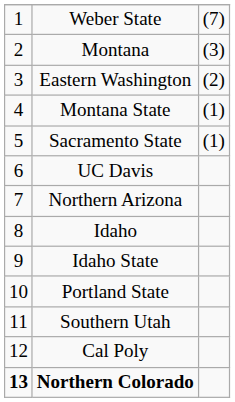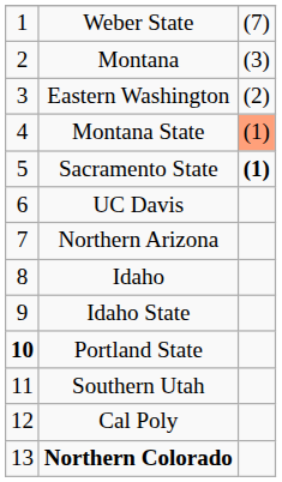 <table class="wikitable" style="display: inline-table;">
 <tr align="center">
 </tr>
 <tr align="center">
 <td>1</td>
 <td>Weber State</td>
 <td>(7)</td>
 </tr>
 <tr align="center">
 <td>2</td>
 <td>Montana</td>
 <td>(3)</td>
 </tr>
 <tr align="center">
 <td>3</td>
 <td>Eastern Washington</td>
 <td>(2)</td>
 </tr>
 <tr align="center">
 <td>4</td>
 <td>Montana State</td>
-<td>(1)</td>
+<td style="background: lightsalmon;">(1)</td>
 </tr>
 <tr align="center">
 <td>5</td>
 <td>Sacramento State</td>
-<td>(1)</td>
+<td><strong>(1)</strong></td>
 </tr>
 <tr align="center">
 <td>6</td>
 <td>UC Davis</td>
 <td></td>
 </tr>
 <tr align="center">
 <td>7</td>
 <td>Northern Arizona</td>
 <td></td>
 </tr>
 <tr align="center">
 <td>8</td>
 <td>Idaho</td>
 <td></td>
 </tr>
 <tr align="center">
 <td>9</td>
 <td>Idaho State</td>
 <td></td>
 </tr>
 <tr align="center">
-<td>10</td>
+<td><strong>10</strong></td>
 <td>Portland State</td>
 <td></td>
 </tr>
 <tr align="center">
 <td>11</td>
 <td>Southern Utah</td>
 <td></td>
 </tr>
 <tr align="center">
 <td>12</td>
 <td>Cal Poly</td>
 <td></td>
 </tr>
 <tr align="center">
-<td><strong>13</strong></td>
+<td>13</td>
 <td><strong>Northern Colorado</strong></td>
 <td></td>
 </tr>
 </table>
